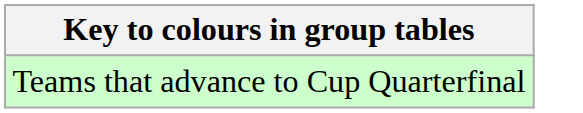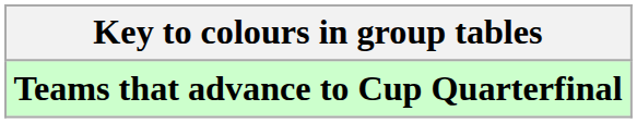 <table class="wikitable" style="text-align: center;">
 <tr>
 <th colspan=2>Key to colours in group tables</th>
 </tr>
 <tr bgcolor=ccffcc>
-<td align=left>Teams that advance to Cup Quarterfinal</td>
+<td align=left><strong>Teams that advance to Cup Quarterfinal</strong></td>
 </tr>
 </table>
